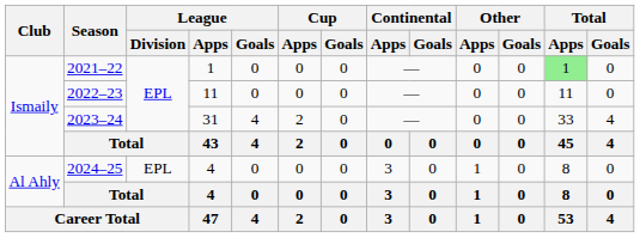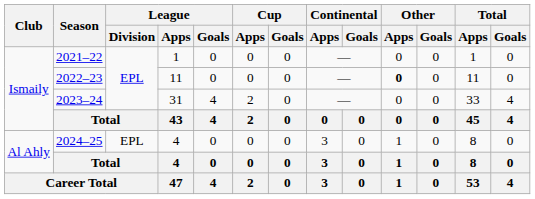 <table class="wikitable" style="text-align: center">
 <tr>
 <th rowspan="2">Club</th>
 <th rowspan="2">Season</th>
 <th colspan="3">League</th>
 <th colspan="2">Cup</th>
 <th colspan="2">Continental</th>
 <th colspan="2">Other</th>
 <th colspan="2">Total</th>
 </tr>
 <tr>
 <th>Division</th>
 <th>Apps</th>
 <th>Goals</th>
 <th>Apps</th>
 <th>Goals</th>
 <th>Apps</th>
 <th>Goals</th>
 <th>Apps</th>
 <th>Goals</th>
 <th>Apps</th>
 <th>Goals</th>
 </tr>
 <tr>
 <td rowspan="4"><a href='#'>Ismaily</a></td>
 <td><a href='#'>2021–22</a></td>
 <td rowspan="3"><a href='#'>EPL</a></td>
 <td>1</td>
 <td>0</td>
 <td>0</td>
 <td>0</td>
 <td colspan="2">—</td>
 <td>0</td>
 <td>0</td>
-<td style="background: lightgreen;">1</td>
+<td>1</td>
 <td>0</td>
 </tr>
 <tr>
 <td><a href='#'>2022–23</a></td>
 <td>11</td>
 <td>0</td>
 <td>0</td>
 <td>0</td>
 <td colspan="2">—</td>
-<td>0</td>
+<td><strong>0</strong></td>
 <td>0</td>
 <td>11</td>
 <td>0</td>
 </tr>
 <tr>
 <td><a href='#'>2023–24</a></td>
 <td>31</td>
 <td>4</td>
 <td>2</td>
 <td>0</td>
 <td colspan="2">—</td>
 <td>0</td>
 <td>0</td>
 <td>33</td>
 <td>4</td>
 </tr>
 <tr>
 <th colspan="2">Total</th>
 <th>43</th>
 <th>4</th>
 <th>2</th>
 <th>0</th>
 <th>0</th>
 <th>0</th>
 <th>0</th>
 <th>0</th>
 <th>45</th>
 <th>4</th>
 </tr>
 <tr>
 <td rowspan="2"><a href='#'>Al Ahly</a></td>
 <td><a href='#'>2024–25</a></td>
 <td>EPL</td>
 <td>4</td>
 <td>0</td>
 <td>0</td>
 <td>0</td>
 <td>3</td>
 <td>0</td>
 <td>1</td>
 <td>0</td>
 <td>8</td>
 <td>0</td>
 </tr>
 <tr>
 <th colspan="2">Total</th>
 <th>4</th>
 <th>0</th>
 <th>0</th>
 <th>0</th>
 <th>3</th>
 <th>0</th>
 <th>1</th>
 <th>0</th>
 <th>8</th>
 <th>0</th>
 </tr>
 <tr>
 <th colspan="3">Career Total</th>
 <th>47</th>
 <th>4</th>
 <th>2</th>
 <th>0</th>
 <th>3</th>
 <th>0</th>
 <th>1</th>
 <th>0</th>
 <th>53</th>
 <th>4</th>
 </tr>
 </table>
